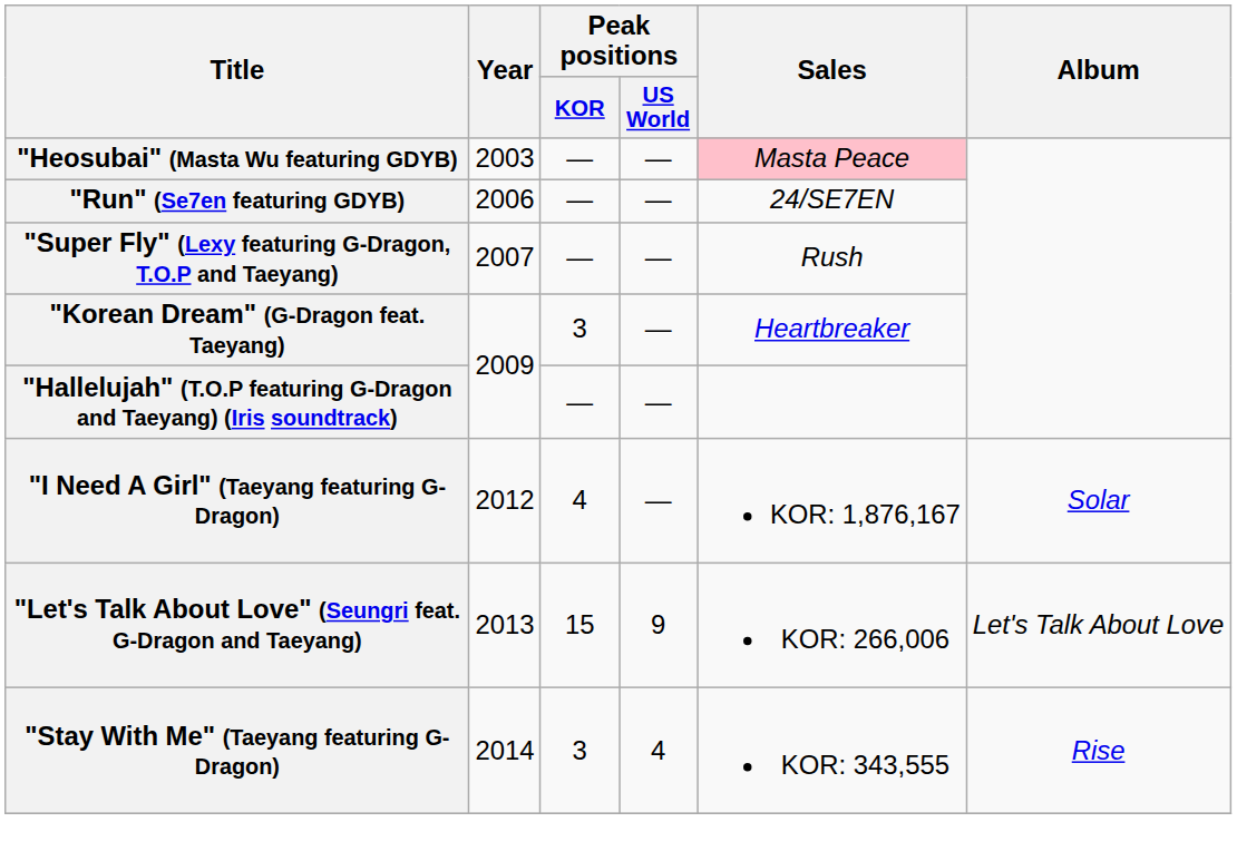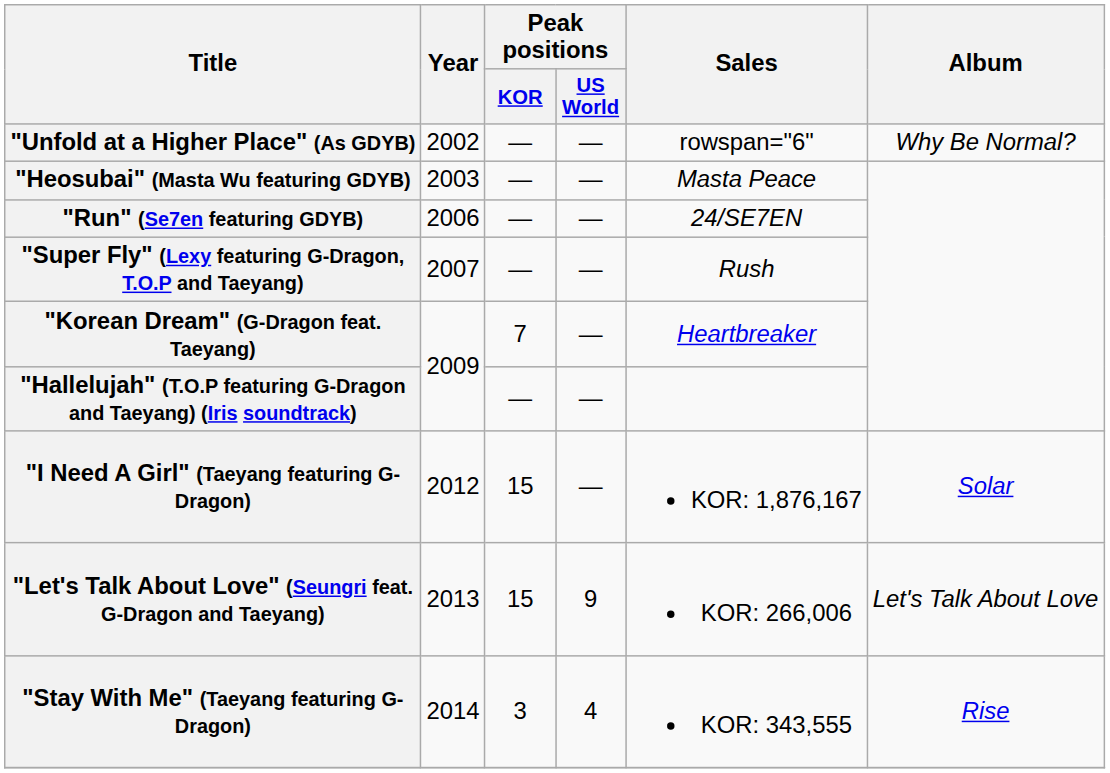 <table class="wikitable plainrowheaders" style="text-align:center;">
 <tr>
 <th rowspan="2" scope="col" style="width:17em;">Title</th>
 <th scope="col" rowspan="2">Year</th>
 <th scope="col" colspan="2">Peak positions</th>
 <th scope="col" rowspan="2">Sales</th>
 <th scope="col" rowspan="2">Album</th>
 </tr>
 <tr>
 <th style="width:3em;font-size:85%"><a href='#'>KOR</a><br></th>
 <th style="width:3em;font-size:85%"><a href='#'>US World</a><br></th>
 </tr>
 <tr>
+<th scope="row">"Unfold at a Higher Place" <small>(As GDYB) </small></th>
+<td>2002</td>
+<td>—</td>
+<td>—</td>
+<td>rowspan="6" </td>
+<td style="text-align:center;"><em>Why Be Normal?</em></td>
+</tr>
+<tr>
 <th scope="row">"Heosubai" <small>(Masta Wu featuring GDYB) </small></th>
 <td>2003</td>
 <td>—</td>
 <td>—</td>
-<td style="background: pink;"><em>Masta Peace</em></td>
+<td><em>Masta Peace</em></td>
 </tr>
 <tr>
 <th scope="row">"Run" <small>(<a href='#'>Se7en</a> featuring GDYB) </small></th>
 <td>2006</td>
 <td>—</td>
 <td>—</td>
 <td><em>24/SE7EN</em></td>
 </tr>
 <tr>
 <th scope="row">"Super Fly" <small>(<a href='#'>Lexy</a> featuring G-Dragon, <a href='#'>T.O.P</a> and Taeyang) </small></th>
 <td>2007</td>
 <td>—</td>
 <td>—</td>
 <td><em>Rush</em></td>
 </tr>
 <tr>
 <th scope="row">"Korean Dream" <small>(G-Dragon feat. Taeyang) </small></th>
 <td rowspan="2">2009</td>
-<td>3</td>
+<td>7</td>
 <td>—</td>
 <td><em><a href='#'>Heartbreaker</a></em></td>
 </tr>
 <tr>
 <th scope="row">"Hallelujah" <small>(T.O.P featuring G-Dragon and Taeyang) (<a href='#'>Iris</a> <a href='#'>soundtrack</a>) </small></th>
 <td>—</td>
 <td>—</td>
 <td></td>
 </tr>
 <tr>
 <th scope="row">"I Need A Girl" <small>(Taeyang featuring G-Dragon) </small></th>
 <td>2012</td>
-<td>4</td>
+<td>15</td>
 <td>—</td>
 <td><br><ul><li>KOR: 1,876,167</li></ul></td>
 <td><em><a href='#'>Solar</a></em></td>
 </tr>
 <tr>
 <th scope="row">"Let's Talk About Love" <small>(<a href='#'>Seungri</a> feat. G-Dragon and Taeyang) </small></th>
 <td>2013</td>
 <td>15</td>
 <td>9</td>
 <td><br><ul><li>KOR: 266,006</li></ul></td>
 <td><em>Let's Talk About Love</em></td>
 </tr>
 <tr>
 <th scope="row">"Stay With Me" <small>(Taeyang featuring G-Dragon) </small></th>
 <td>2014</td>
 <td>3</td>
 <td>4</td>
 <td><br><ul><li>KOR: 343,555</li></ul></td>
 <td><em><a href='#'>Rise</a></em></td>
 </tr>
 <tr>
 </tr>
 </table>
